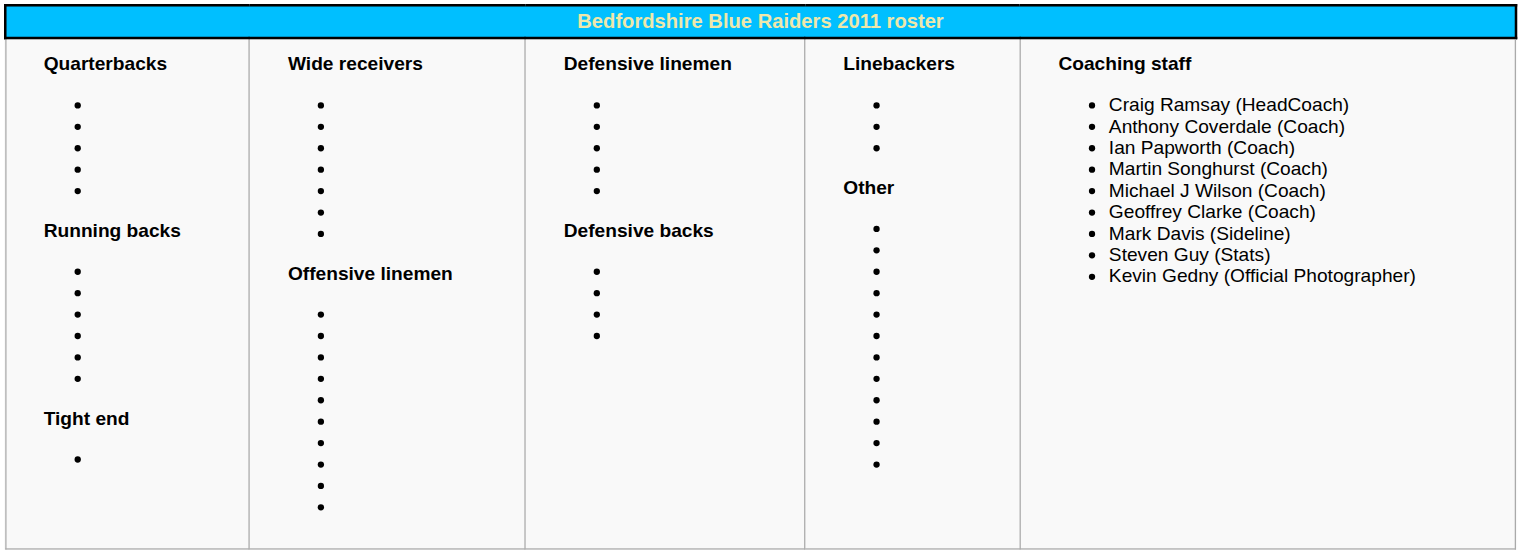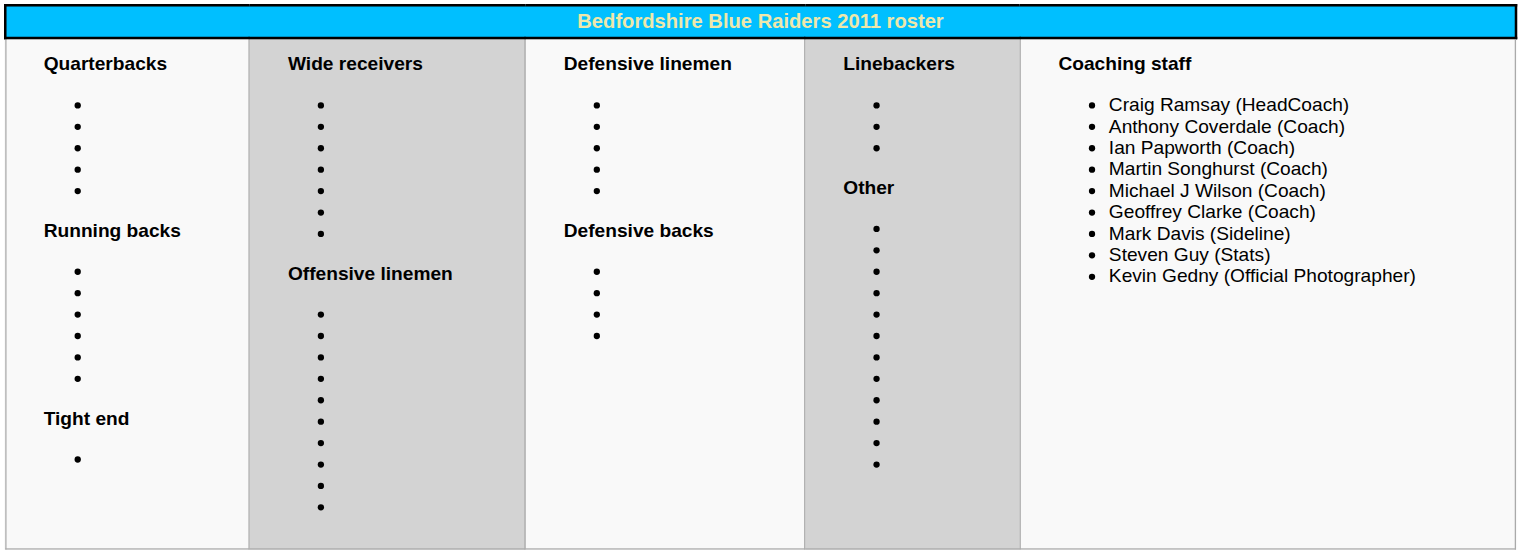 <table class="wikitable" style="text-align: left; width: 95%; border: solid black 1px;">
 <tr>
 <th colspan=10 style="background-color: #00BFFF; text-align: center; border: solid black 2px; color: #EEE8AA;">Bedfordshire Blue Raiders 2011 roster</th>
 </tr>
 <tr>
 <td style="font-size: 95%; padding: 10px 30px;" valign="top"><strong>Quarterbacks</strong><br><ul><li></li><li></li><li></li><li></li><li></li></ul><strong>Running backs</strong><ul><li></li><li></li><li></li><li></li><li></li><li></li></ul><strong>Tight end</strong><ul><li></li></ul></td>
-<td style="font-size: 95%; padding: 10px 30px;" valign="top"><strong>Wide receivers</strong><br><ul><li></li><li></li><li></li><li></li><li></li><li></li><li></li></ul><strong>Offensive linemen</strong><ul><li></li><li></li><li></li><li></li><li></li><li></li><li></li><li></li><li></li><li></li></ul></td>
+<td style="background: lightgrey; font-size: 95%; padding: 10px 30px;" valign="top"><strong>Wide receivers</strong><br><ul><li></li><li></li><li></li><li></li><li></li><li></li><li></li></ul><strong>Offensive linemen</strong><ul><li></li><li></li><li></li><li></li><li></li><li></li><li></li><li></li><li></li><li></li></ul></td>
 <td style="font-size: 95%; padding: 10px 30px;" valign="top"><strong>Defensive linemen</strong><br><ul><li></li><li></li><li></li><li></li><li></li></ul><strong>Defensive backs</strong><ul><li></li><li></li><li></li><li></li></ul></td>
-<td style="font-size: 95%; padding: 10px 30px;" valign="top"><strong>Linebackers</strong><br><ul><li></li><li></li><li></li></ul><strong>Other</strong><ul><li></li><li></li><li></li><li></li><li></li><li></li><li></li><li></li><li></li><li></li><li></li><li></li></ul></td>
+<td style="background: lightgrey; font-size: 95%; padding: 10px 30px;" valign="top"><strong>Linebackers</strong><br><ul><li></li><li></li><li></li></ul><strong>Other</strong><ul><li></li><li></li><li></li><li></li><li></li><li></li><li></li><li></li><li></li><li></li><li></li><li></li></ul></td>
 <td style="font-size: 95%; padding: 10px 30px;" valign="top"><strong>Coaching staff</strong><br><ul><li>Craig Ramsay (HeadCoach)</li><li>Anthony Coverdale (Coach)</li><li>Ian Papworth (Coach)</li><li>Martin Songhurst (Coach)</li><li>Michael J Wilson (Coach)</li><li>Geoffrey Clarke (Coach)</li><li>Mark Davis (Sideline)</li><li>Steven Guy (Stats)</li><li>Kevin Gedny (Official Photographer)</li></ul></td>
 </tr>
 </table>
